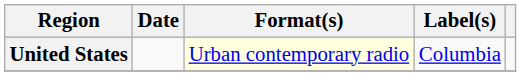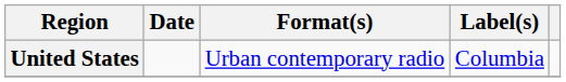 <table class="wikitable plainrowheaders" style="text-align:left">
 <tr>
 <th scope="col">Region</th>
 <th scope="col">Date</th>
 <th scope="col">Format(s)</th>
 <th scope="col">Label(s)</th>
 <th scope="col"></th>
 </tr>
 <tr>
 <th scope="row">United States</th>
 <td></td>
-<td style="background: lightyellow;"><a href='#'>Urban contemporary radio</a></td>
+<td><a href='#'>Urban contemporary radio</a></td>
 <td><a href='#'>Columbia</a></td>
 <td></td>
 </tr>
 <tr>
 </tr>
 </table>
